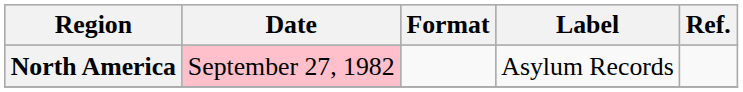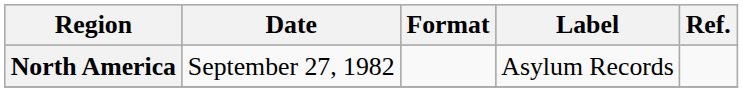 <table class="wikitable plainrowheaders">
 <tr>
 <th scope="col">Region</th>
 <th scope="col">Date</th>
 <th scope="col">Format</th>
 <th scope="col">Label</th>
 <th scope="col">Ref.</th>
 </tr>
 <tr>
 <th scope="row">North America</th>
-<td style="background: pink;">September 27, 1982</td>
+<td>September 27, 1982</td>
 <td></td>
 <td>Asylum Records</td>
 <td></td>
 </tr>
 <tr>
 </tr>
 </table>
